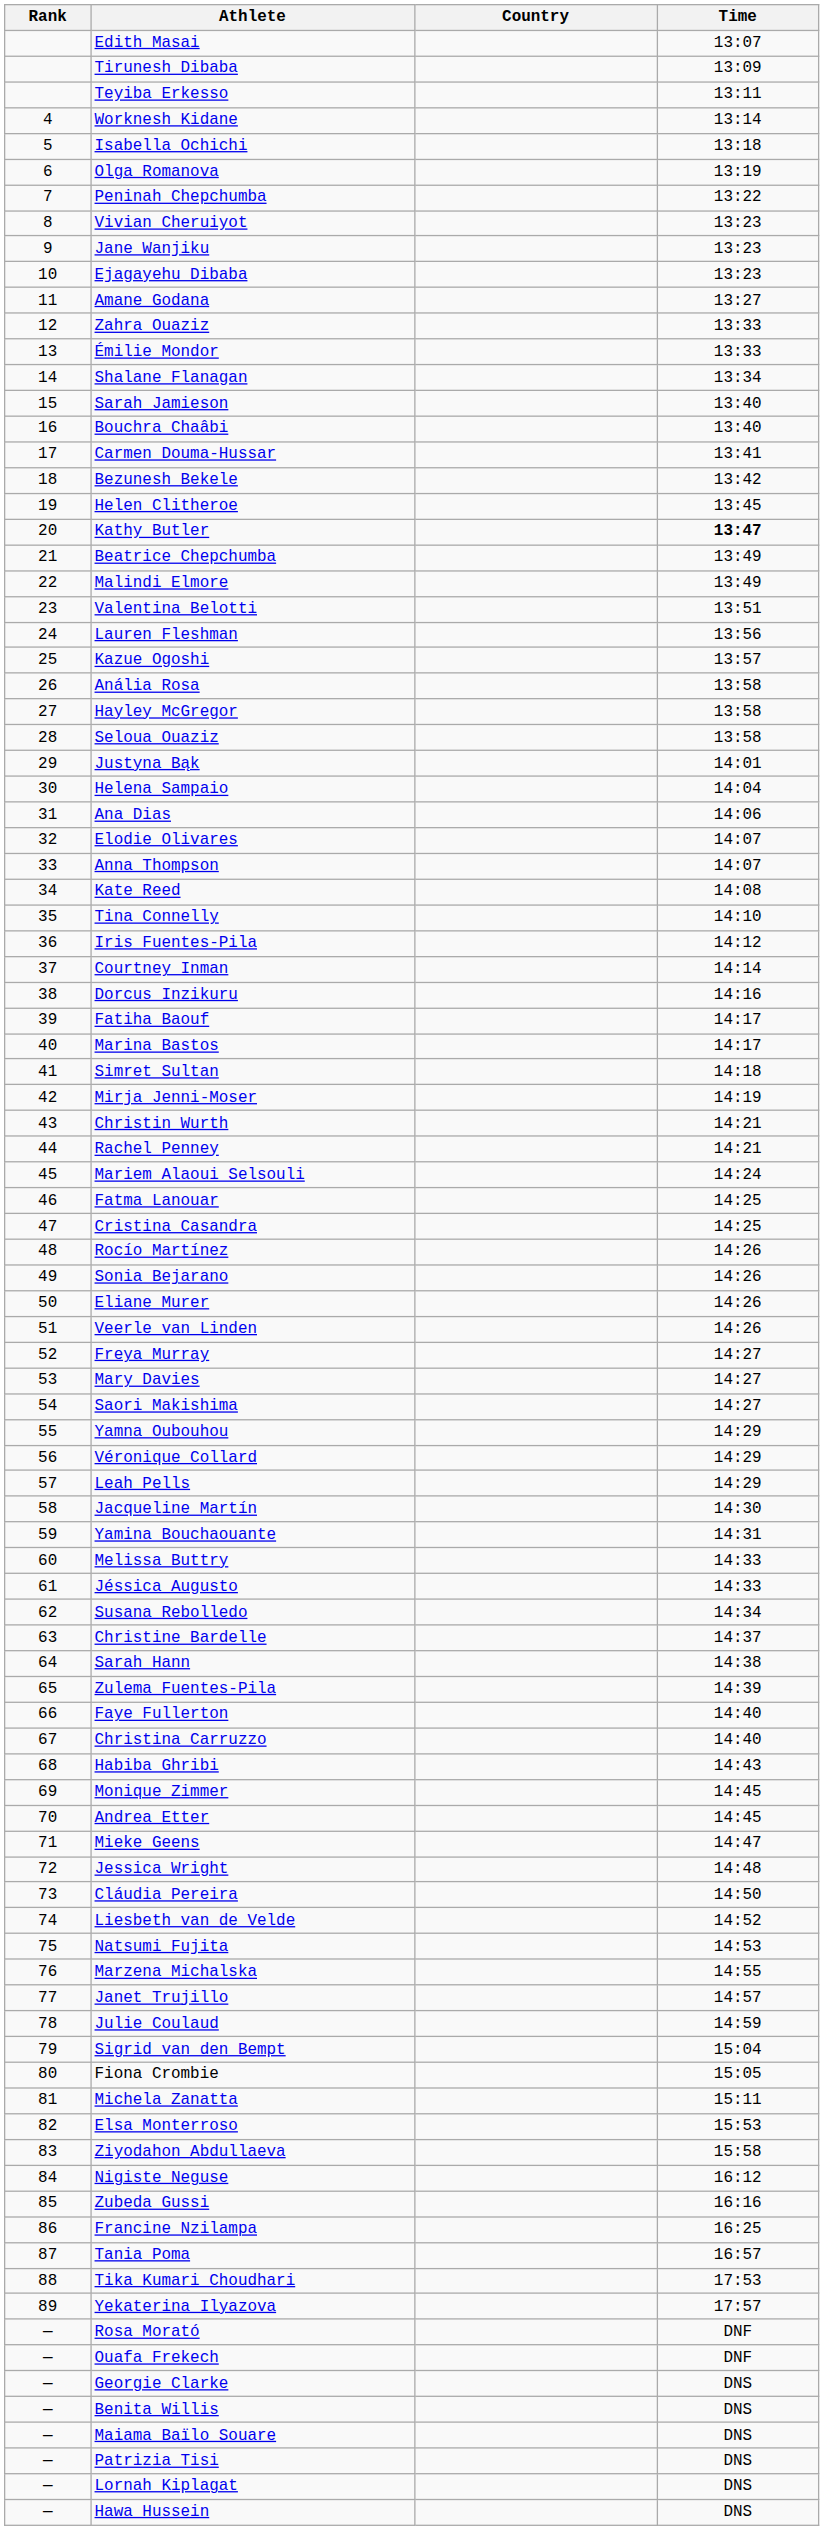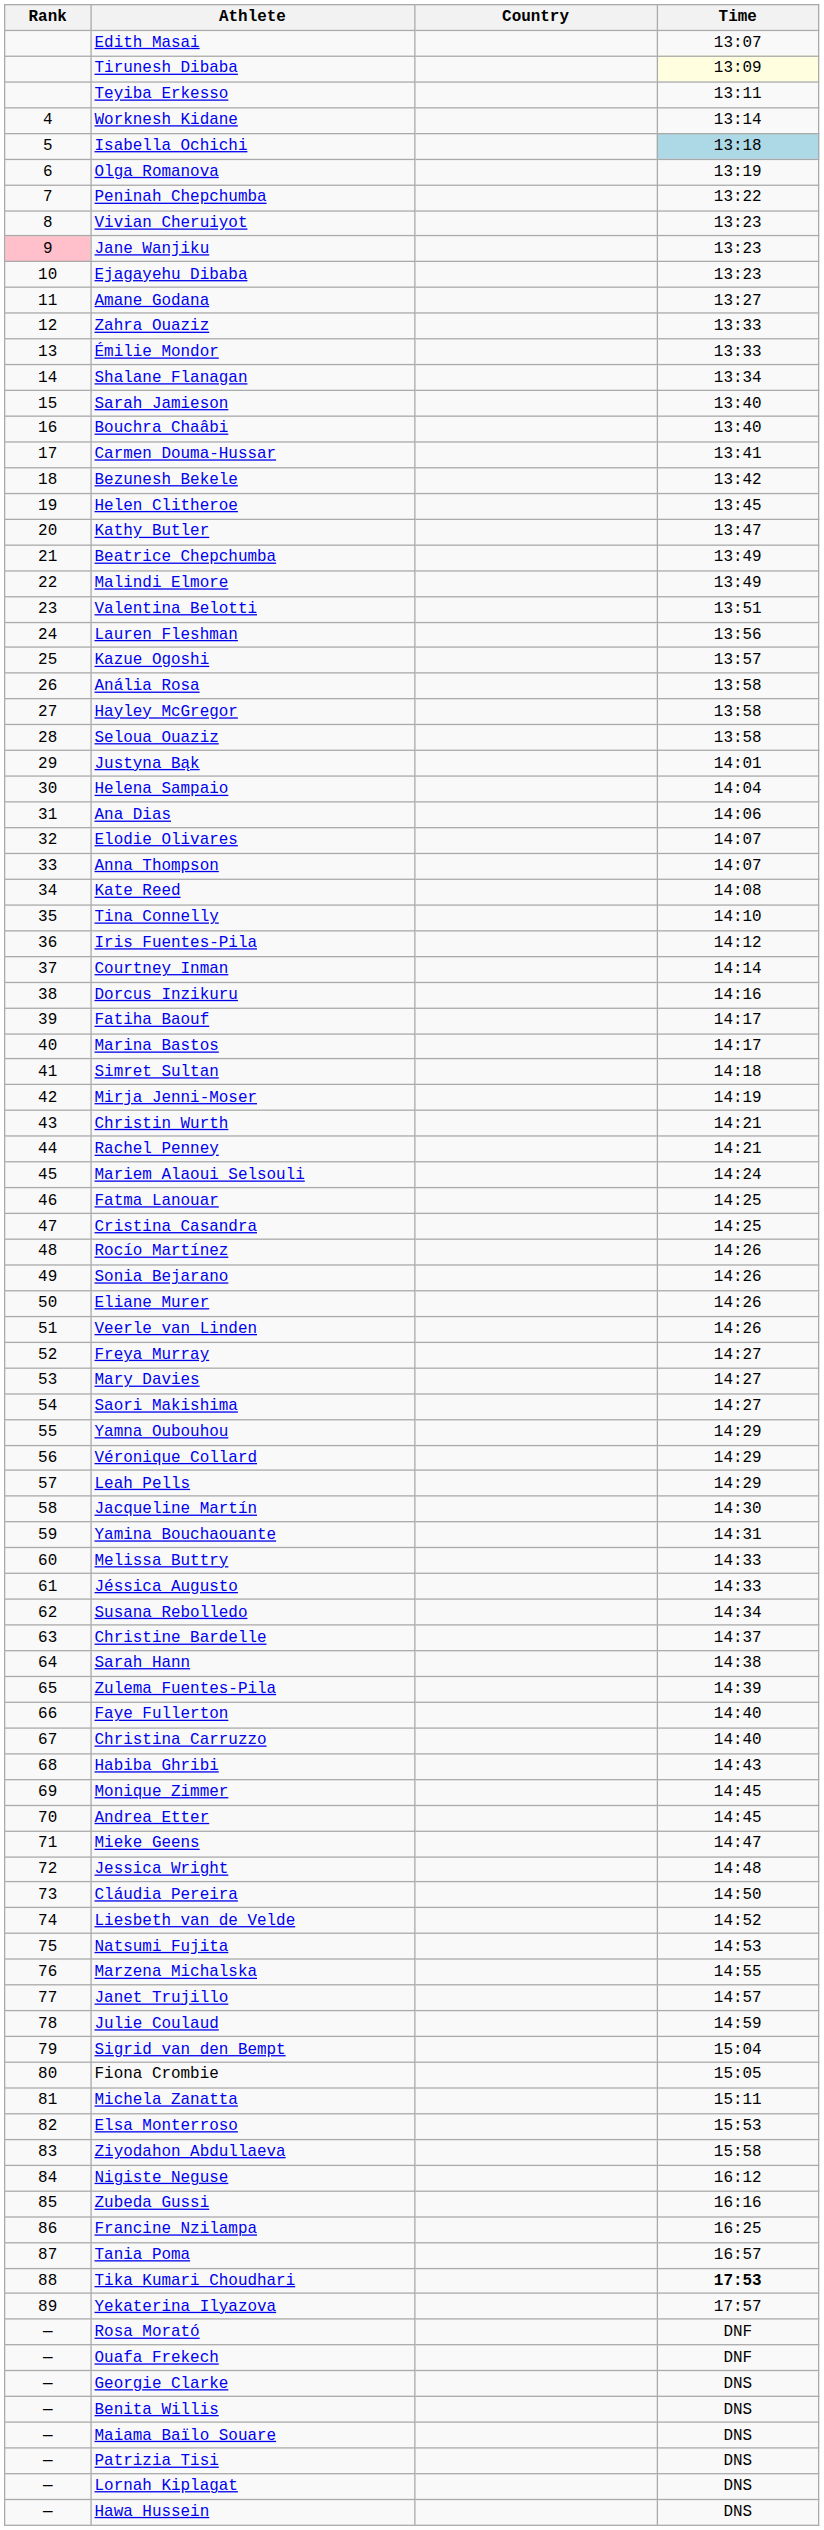 <table class="wikitable sortable" style=" text-align:center; font-size:95%;" width="50%">
 <tr>
 <th width=5%>Rank</th>
 <th width=20%>Athlete</th>
 <th width=15%>Country</th>
 <th width=10%>Time</th>
 </tr>
 <tr>
 <td align=center></td>
 <td align=left><a href='#'>Edith Masai</a></td>
 <td align=left></td>
 <td>13:07</td>
 </tr>
 <tr>
 <td align=center></td>
 <td align=left><a href='#'>Tirunesh Dibaba</a></td>
 <td align=left></td>
-<td>13:09</td>
+<td style="background: lightyellow;">13:09</td>
 </tr>
 <tr>
 <td align=center></td>
 <td align=left><a href='#'>Teyiba Erkesso</a></td>
 <td align=left></td>
 <td>13:11</td>
 </tr>
 <tr>
 <td align=center>4</td>
 <td align=left><a href='#'>Worknesh Kidane</a></td>
 <td align=left></td>
 <td>13:14</td>
 </tr>
 <tr>
 <td align=center>5</td>
 <td align=left><a href='#'>Isabella Ochichi</a></td>
 <td align=left></td>
-<td>13:18</td>
+<td style="background: lightblue;">13:18</td>
 </tr>
 <tr>
 <td align=center>6</td>
 <td align=left><a href='#'>Olga Romanova</a></td>
 <td align=left></td>
 <td>13:19</td>
 </tr>
 <tr>
 <td align=center>7</td>
 <td align=left><a href='#'>Peninah Chepchumba</a></td>
 <td align=left></td>
 <td>13:22</td>
 </tr>
 <tr>
 <td align=center>8</td>
 <td align=left><a href='#'>Vivian Cheruiyot</a></td>
 <td align=left></td>
 <td>13:23</td>
 </tr>
 <tr>
-<td align=center>9</td>
+<td align=center style="background: pink;">9</td>
 <td align=left><a href='#'>Jane Wanjiku</a></td>
 <td align=left></td>
 <td>13:23</td>
 </tr>
 <tr>
 <td align=center>10</td>
 <td align=left><a href='#'>Ejagayehu Dibaba</a></td>
 <td align=left></td>
 <td>13:23</td>
 </tr>
 <tr>
 <td align=center>11</td>
 <td align=left><a href='#'>Amane Godana</a></td>
 <td align=left></td>
 <td>13:27</td>
 </tr>
 <tr>
 <td align=center>12</td>
 <td align=left><a href='#'>Zahra Ouaziz</a></td>
 <td align=left></td>
 <td>13:33</td>
 </tr>
 <tr>
 <td align=center>13</td>
 <td align=left><a href='#'>Émilie Mondor</a></td>
 <td align=left></td>
 <td>13:33</td>
 </tr>
 <tr>
 <td align=center>14</td>
 <td align=left><a href='#'>Shalane Flanagan</a></td>
 <td align=left></td>
 <td>13:34</td>
 </tr>
 <tr>
 <td align=center>15</td>
 <td align=left><a href='#'>Sarah Jamieson</a></td>
 <td align=left></td>
 <td>13:40</td>
 </tr>
 <tr>
 <td align=center>16</td>
 <td align=left><a href='#'>Bouchra Chaâbi</a></td>
 <td align=left></td>
 <td>13:40</td>
 </tr>
 <tr>
 <td align=center>17</td>
 <td align=left><a href='#'>Carmen Douma-Hussar</a></td>
 <td align=left></td>
 <td>13:41</td>
 </tr>
 <tr>
 <td align=center>18</td>
 <td align=left><a href='#'>Bezunesh Bekele</a></td>
 <td align=left></td>
 <td>13:42</td>
 </tr>
 <tr>
 <td align=center>19</td>
 <td align=left><a href='#'>Helen Clitheroe</a></td>
 <td align=left></td>
 <td>13:45</td>
 </tr>
 <tr>
 <td align=center>20</td>
 <td align=left><a href='#'>Kathy Butler</a></td>
 <td align=left></td>
-<td><strong>13:47</strong></td>
+<td>13:47</td>
 </tr>
 <tr>
 <td align=center>21</td>
 <td align=left><a href='#'>Beatrice Chepchumba</a></td>
 <td align=left></td>
 <td>13:49</td>
 </tr>
 <tr>
 <td align=center>22</td>
 <td align=left><a href='#'>Malindi Elmore</a></td>
 <td align=left></td>
 <td>13:49</td>
 </tr>
 <tr>
 <td align=center>23</td>
 <td align=left><a href='#'>Valentina Belotti</a></td>
 <td align=left></td>
 <td>13:51</td>
 </tr>
 <tr>
 <td align=center>24</td>
 <td align=left><a href='#'>Lauren Fleshman</a></td>
 <td align=left></td>
 <td>13:56</td>
 </tr>
 <tr>
 <td align=center>25</td>
 <td align=left><a href='#'>Kazue Ogoshi</a></td>
 <td align=left></td>
 <td>13:57</td>
 </tr>
 <tr>
 <td align=center>26</td>
 <td align=left><a href='#'>Anália Rosa</a></td>
 <td align=left></td>
 <td>13:58</td>
 </tr>
 <tr>
 <td align=center>27</td>
 <td align=left><a href='#'>Hayley McGregor</a></td>
 <td align=left></td>
 <td>13:58</td>
 </tr>
 <tr>
 <td align=center>28</td>
 <td align=left><a href='#'>Seloua Ouaziz</a></td>
 <td align=left></td>
 <td>13:58</td>
 </tr>
 <tr>
 <td align=center>29</td>
 <td align=left><a href='#'>Justyna Bąk</a></td>
 <td align=left></td>
 <td>14:01</td>
 </tr>
 <tr>
 <td align=center>30</td>
 <td align=left><a href='#'>Helena Sampaio</a></td>
 <td align=left></td>
 <td>14:04</td>
 </tr>
 <tr>
 <td align=center>31</td>
 <td align=left><a href='#'>Ana Dias</a></td>
 <td align=left></td>
 <td>14:06</td>
 </tr>
 <tr>
 <td align=center>32</td>
 <td align=left><a href='#'>Elodie Olivares</a></td>
 <td align=left></td>
 <td>14:07</td>
 </tr>
 <tr>
 <td align=center>33</td>
 <td align=left><a href='#'>Anna Thompson</a></td>
 <td align=left></td>
 <td>14:07</td>
 </tr>
 <tr>
 <td align=center>34</td>
 <td align=left><a href='#'>Kate Reed</a></td>
 <td align=left></td>
 <td>14:08</td>
 </tr>
 <tr>
 <td align=center>35</td>
 <td align=left><a href='#'>Tina Connelly</a></td>
 <td align=left></td>
 <td>14:10</td>
 </tr>
 <tr>
 <td align=center>36</td>
 <td align=left><a href='#'>Iris Fuentes-Pila</a></td>
 <td align=left></td>
 <td>14:12</td>
 </tr>
 <tr>
 <td align=center>37</td>
 <td align=left><a href='#'>Courtney Inman</a></td>
 <td align=left></td>
 <td>14:14</td>
 </tr>
 <tr>
 <td align=center>38</td>
 <td align=left><a href='#'>Dorcus Inzikuru</a></td>
 <td align=left></td>
 <td>14:16</td>
 </tr>
 <tr>
 <td align=center>39</td>
 <td align=left><a href='#'>Fatiha Baouf</a></td>
 <td align=left></td>
 <td>14:17</td>
 </tr>
 <tr>
 <td align=center>40</td>
 <td align=left><a href='#'>Marina Bastos</a></td>
 <td align=left></td>
 <td>14:17</td>
 </tr>
 <tr>
 <td align=center>41</td>
 <td align=left><a href='#'>Simret Sultan</a></td>
 <td align=left></td>
 <td>14:18</td>
 </tr>
 <tr>
 <td align=center>42</td>
 <td align=left><a href='#'>Mirja Jenni-Moser</a></td>
 <td align=left></td>
 <td>14:19</td>
 </tr>
 <tr>
 <td align=center>43</td>
 <td align=left><a href='#'>Christin Wurth</a></td>
 <td align=left></td>
 <td>14:21</td>
 </tr>
 <tr>
 <td align=center>44</td>
 <td align=left><a href='#'>Rachel Penney</a></td>
 <td align=left></td>
 <td>14:21</td>
 </tr>
 <tr>
 <td align=center>45</td>
 <td align=left><a href='#'>Mariem Alaoui Selsouli</a></td>
 <td align=left></td>
 <td>14:24</td>
 </tr>
 <tr>
 <td align=center>46</td>
 <td align=left><a href='#'>Fatma Lanouar</a></td>
 <td align=left></td>
 <td>14:25</td>
 </tr>
 <tr>
 <td align=center>47</td>
 <td align=left><a href='#'>Cristina Casandra</a></td>
 <td align=left></td>
 <td>14:25</td>
 </tr>
 <tr>
 <td align=center>48</td>
 <td align=left><a href='#'>Rocío Martínez</a></td>
 <td align=left></td>
 <td>14:26</td>
 </tr>
 <tr>
 <td align=center>49</td>
 <td align=left><a href='#'>Sonia Bejarano</a></td>
 <td align=left></td>
 <td>14:26</td>
 </tr>
 <tr>
 <td align=center>50</td>
 <td align=left><a href='#'>Eliane Murer</a></td>
 <td align=left></td>
 <td>14:26</td>
 </tr>
 <tr>
 <td align=center>51</td>
 <td align=left><a href='#'>Veerle van Linden</a></td>
 <td align=left></td>
 <td>14:26</td>
 </tr>
 <tr>
 <td align=center>52</td>
 <td align=left><a href='#'>Freya Murray</a></td>
 <td align=left></td>
 <td>14:27</td>
 </tr>
 <tr>
 <td align=center>53</td>
 <td align=left><a href='#'>Mary Davies</a></td>
 <td align=left></td>
 <td>14:27</td>
 </tr>
 <tr>
 <td align=center>54</td>
 <td align=left><a href='#'>Saori Makishima</a></td>
 <td align=left></td>
 <td>14:27</td>
 </tr>
 <tr>
 <td align=center>55</td>
 <td align=left><a href='#'>Yamna Oubouhou</a></td>
 <td align=left></td>
 <td>14:29</td>
 </tr>
 <tr>
 <td align=center>56</td>
 <td align=left><a href='#'>Véronique Collard</a></td>
 <td align=left></td>
 <td>14:29</td>
 </tr>
 <tr>
 <td align=center>57</td>
 <td align=left><a href='#'>Leah Pells</a></td>
 <td align=left></td>
 <td>14:29</td>
 </tr>
 <tr>
 <td align=center>58</td>
 <td align=left><a href='#'>Jacqueline Martín</a></td>
 <td align=left></td>
 <td>14:30</td>
 </tr>
 <tr>
 <td align=center>59</td>
 <td align=left><a href='#'>Yamina Bouchaouante</a></td>
 <td align=left></td>
 <td>14:31</td>
 </tr>
 <tr>
 <td align=center>60</td>
 <td align=left><a href='#'>Melissa Buttry</a></td>
 <td align=left></td>
 <td>14:33</td>
 </tr>
 <tr>
 <td align=center>61</td>
 <td align=left><a href='#'>Jéssica Augusto</a></td>
 <td align=left></td>
 <td>14:33</td>
 </tr>
 <tr>
 <td align=center>62</td>
 <td align=left><a href='#'>Susana Rebolledo</a></td>
 <td align=left></td>
 <td>14:34</td>
 </tr>
 <tr>
 <td align=center>63</td>
 <td align=left><a href='#'>Christine Bardelle</a></td>
 <td align=left></td>
 <td>14:37</td>
 </tr>
 <tr>
 <td align=center>64</td>
 <td align=left><a href='#'>Sarah Hann</a></td>
 <td align=left></td>
 <td>14:38</td>
 </tr>
 <tr>
 <td align=center>65</td>
 <td align=left><a href='#'>Zulema Fuentes-Pila</a></td>
 <td align=left></td>
 <td>14:39</td>
 </tr>
 <tr>
 <td align=center>66</td>
 <td align=left><a href='#'>Faye Fullerton</a></td>
 <td align=left></td>
 <td>14:40</td>
 </tr>
 <tr>
 <td align=center>67</td>
 <td align=left><a href='#'>Christina Carruzzo</a></td>
 <td align=left></td>
 <td>14:40</td>
 </tr>
 <tr>
 <td align=center>68</td>
 <td align=left><a href='#'>Habiba Ghribi</a></td>
 <td align=left></td>
 <td>14:43</td>
 </tr>
 <tr>
 <td align=center>69</td>
 <td align=left><a href='#'>Monique Zimmer</a></td>
 <td align=left></td>
 <td>14:45</td>
 </tr>
 <tr>
 <td align=center>70</td>
 <td align=left><a href='#'>Andrea Etter</a></td>
 <td align=left></td>
 <td>14:45</td>
 </tr>
 <tr>
 <td align=center>71</td>
 <td align=left><a href='#'>Mieke Geens</a></td>
 <td align=left></td>
 <td>14:47</td>
 </tr>
 <tr>
 <td align=center>72</td>
 <td align=left><a href='#'>Jessica Wright</a></td>
 <td align=left></td>
 <td>14:48</td>
 </tr>
 <tr>
 <td align=center>73</td>
 <td align=left><a href='#'>Cláudia Pereira</a></td>
 <td align=left></td>
 <td>14:50</td>
 </tr>
 <tr>
 <td align=center>74</td>
 <td align=left><a href='#'>Liesbeth van de Velde</a></td>
 <td align=left></td>
 <td>14:52</td>
 </tr>
 <tr>
 <td align=center>75</td>
 <td align=left><a href='#'>Natsumi Fujita</a></td>
 <td align=left></td>
 <td>14:53</td>
 </tr>
 <tr>
 <td align=center>76</td>
 <td align=left><a href='#'>Marzena Michalska</a></td>
 <td align=left></td>
 <td>14:55</td>
 </tr>
 <tr>
 <td align=center>77</td>
 <td align=left><a href='#'>Janet Trujillo</a></td>
 <td align=left></td>
 <td>14:57</td>
 </tr>
 <tr>
 <td align=center>78</td>
 <td align=left><a href='#'>Julie Coulaud</a></td>
 <td align=left></td>
 <td>14:59</td>
 </tr>
 <tr>
 <td align=center>79</td>
 <td align=left><a href='#'>Sigrid van den Bempt</a></td>
 <td align=left></td>
 <td>15:04</td>
 </tr>
 <tr>
 <td align=center>80</td>
 <td align=left>Fiona Crombie</td>
 <td align=left></td>
 <td>15:05</td>
 </tr>
 <tr>
 <td align=center>81</td>
 <td align=left><a href='#'>Michela Zanatta</a></td>
 <td align=left></td>
 <td>15:11</td>
 </tr>
 <tr>
 <td align=center>82</td>
 <td align=left><a href='#'>Elsa Monterroso</a></td>
 <td align=left></td>
 <td>15:53</td>
 </tr>
 <tr>
 <td align=center>83</td>
 <td align=left><a href='#'>Ziyodahon Abdullaeva</a></td>
 <td align=left></td>
 <td>15:58</td>
 </tr>
 <tr>
 <td align=center>84</td>
 <td align=left><a href='#'>Nigiste Neguse</a></td>
 <td align=left></td>
 <td>16:12</td>
 </tr>
 <tr>
 <td align=center>85</td>
 <td align=left><a href='#'>Zubeda Gussi</a></td>
 <td align=left></td>
 <td>16:16</td>
 </tr>
 <tr>
 <td align=center>86</td>
 <td align=left><a href='#'>Francine Nzilampa</a></td>
 <td align=left></td>
 <td>16:25</td>
 </tr>
 <tr>
 <td align=center>87</td>
 <td align=left><a href='#'>Tania Poma</a></td>
 <td align=left></td>
 <td>16:57</td>
 </tr>
 <tr>
 <td align=center>88</td>
 <td align=left><a href='#'>Tika Kumari Choudhari</a></td>
 <td align=left></td>
-<td>17:53</td>
+<td><strong>17:53</strong></td>
 </tr>
 <tr>
 <td align=center>89</td>
 <td align=left><a href='#'>Yekaterina Ilyazova</a></td>
 <td align=left></td>
 <td>17:57</td>
 </tr>
 <tr>
 <td align=center>—</td>
 <td align=left><a href='#'>Rosa Morató</a></td>
 <td align=left></td>
 <td>DNF</td>
 </tr>
 <tr>
 <td align=center>—</td>
 <td align=left><a href='#'>Ouafa Frekech</a></td>
 <td align=left></td>
 <td>DNF</td>
 </tr>
 <tr>
 <td align=center>—</td>
 <td align=left><a href='#'>Georgie Clarke</a></td>
 <td align=left></td>
 <td>DNS</td>
 </tr>
 <tr>
 <td align=center>—</td>
 <td align=left><a href='#'>Benita Willis</a></td>
 <td align=left></td>
 <td>DNS</td>
 </tr>
 <tr>
 <td align=center>—</td>
 <td align=left><a href='#'>Maiama Baïlo Souare</a></td>
 <td align=left></td>
 <td>DNS</td>
 </tr>
 <tr>
 <td align=center>—</td>
 <td align=left><a href='#'>Patrizia Tisi</a></td>
 <td align=left></td>
 <td>DNS</td>
 </tr>
 <tr>
 <td align=center>—</td>
 <td align=left><a href='#'>Lornah Kiplagat</a></td>
 <td align=left></td>
 <td>DNS</td>
 </tr>
 <tr>
 <td align=center>—</td>
 <td align=left><a href='#'>Hawa Hussein</a></td>
 <td align=left></td>
 <td>DNS</td>
 </tr>
 </table>
